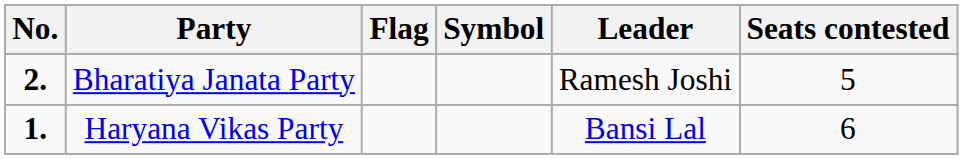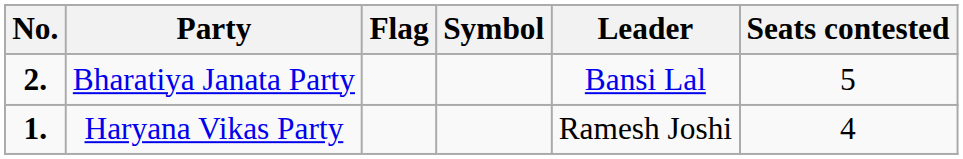 <table class="wikitable">
 <tr>
 <th>No.</th>
 <th>Party</th>
 <th>Flag</th>
 <th>Symbol</th>
 <th>Leader</th>
 <th>Seats contested</th>
 </tr>
 <tr>
 <td ! style="text-align:center; background:"><strong>2.</strong></td>
 <td style="text-align:center"><a href='#'>Bharatiya Janata Party</a></td>
 <td></td>
 <td></td>
-<td style="text-align:center">Ramesh Joshi</td>
+<td style="text-align:center"><a href='#'>Bansi Lal</a></td>
 <td style="text-align:center">5</td>
 </tr>
 <tr>
 <td ! style="text-align:center; background:"><strong>1.</strong></td>
 <td style="text-align:center"><a href='#'>Haryana Vikas Party</a></td>
 <td></td>
 <td></td>
-<td style="text-align:center"><a href='#'>Bansi Lal</a></td>
-<td style="text-align:center">6</td>
+<td style="text-align:center">Ramesh Joshi</td>
+<td style="text-align:center">4</td>
 </tr>
 </table>
